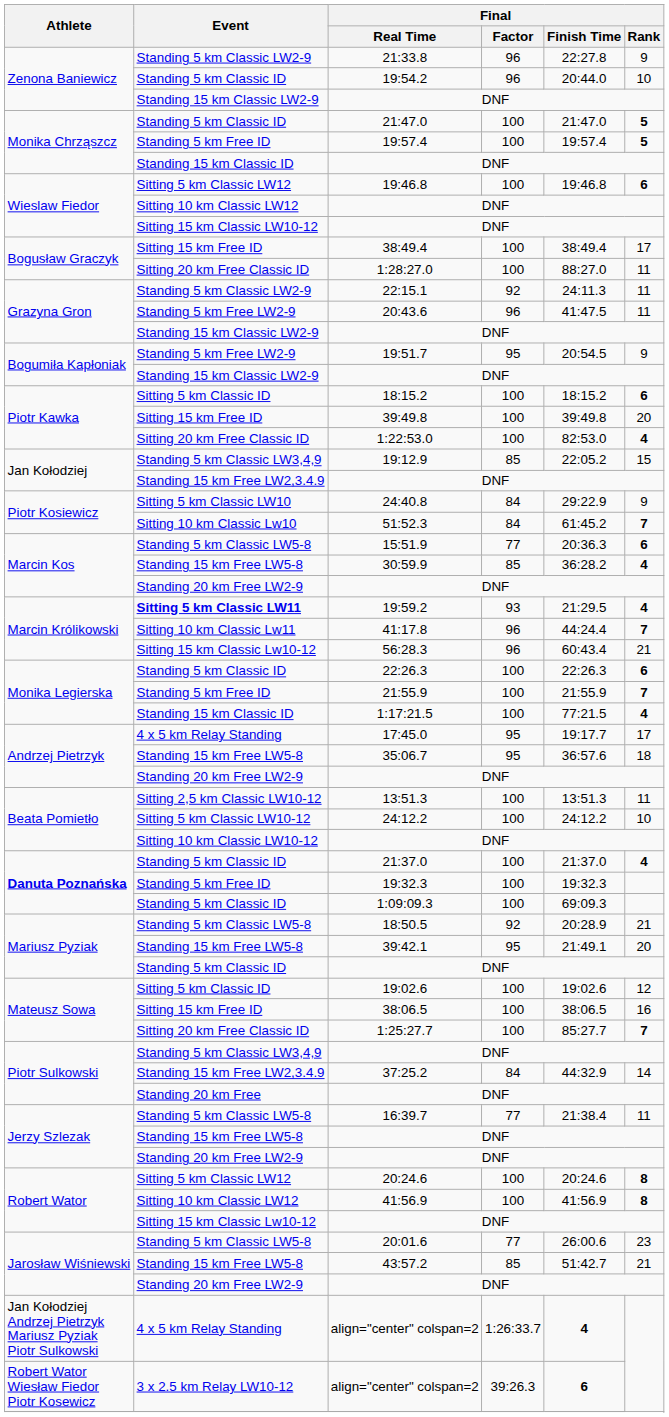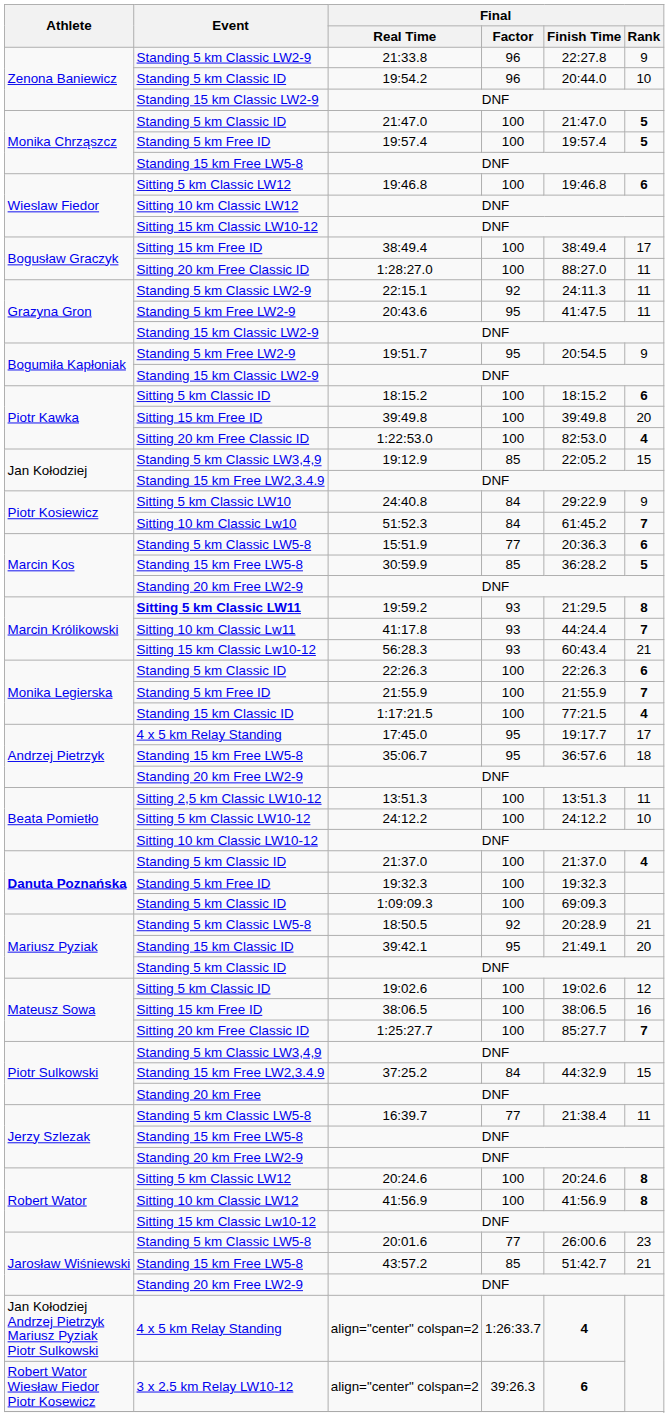 <table class="wikitable" style="font-size:90%">
 <tr>
 <th rowspan="2">Athlete</th>
 <th rowspan="2">Event</th>
 <th colspan="4">Final</th>
 </tr>
 <tr>
 <th>Real Time</th>
 <th>Factor</th>
 <th>Finish Time</th>
 <th>Rank</th>
 </tr>
 <tr>
 <td rowspan=3><a href='#'>Zenona Baniewicz</a></td>
 <td rowspan=1><a href='#'>Standing 5 km Classic LW2-9</a></td>
 <td align="center">21:33.8</td>
 <td align="center">96</td>
 <td align="center">22:27.8</td>
 <td align="center">9</td>
 </tr>
 <tr>
 <td rowspan=1><a href='#'>Standing 5 km Classic ID</a></td>
 <td align="center">19:54.2</td>
 <td align="center">96</td>
 <td align="center">20:44.0</td>
 <td align="center">10</td>
 </tr>
 <tr>
 <td rowspan=1><a href='#'>Standing 15 km Classic LW2-9</a></td>
 <td align="center" colspan=4>DNF</td>
 </tr>
 <tr>
 <td rowspan=3><a href='#'>Monika Chrząszcz</a></td>
 <td rowspan=1><a href='#'>Standing 5 km Classic ID</a></td>
 <td align="center">21:47.0</td>
 <td align="center">100</td>
 <td align="center">21:47.0</td>
 <td align="center"><strong>5</strong></td>
 </tr>
 <tr>
 <td rowspan=1><a href='#'>Standing 5 km Free ID</a></td>
 <td align="center">19:57.4</td>
 <td align="center">100</td>
 <td align="center">19:57.4</td>
 <td align="center"><strong>5</strong></td>
 </tr>
 <tr>
-<td rowspan=1><a href='#'>Standing 15 km Classic ID</a></td>
+<td rowspan=1><a href='#'>Standing 15 km Free LW5-8</a></td>
 <td align="center" colspan=4>DNF</td>
 </tr>
 <tr>
 <td rowspan=3><a href='#'>Wieslaw Fiedor</a></td>
 <td rowspan=1><a href='#'>Sitting 5 km Classic LW12</a></td>
 <td align="center">19:46.8</td>
 <td align="center">100</td>
 <td align="center">19:46.8</td>
 <td align="center"><strong>6</strong></td>
 </tr>
 <tr>
 <td rowspan=1><a href='#'>Sitting 10 km Classic LW12</a></td>
 <td align="center" colspan=4>DNF</td>
 </tr>
 <tr>
 <td rowspan=1><a href='#'>Sitting 15 km Classic LW10-12</a></td>
 <td align="center" colspan=4>DNF</td>
 </tr>
 <tr>
 <td rowspan=2><a href='#'>Bogusław Graczyk</a></td>
 <td rowspan=1><a href='#'>Sitting 15 km Free ID</a></td>
 <td align="center">38:49.4</td>
 <td align="center">100</td>
 <td align="center">38:49.4</td>
 <td align="center">17</td>
 </tr>
 <tr>
 <td rowspan=1><a href='#'>Sitting 20 km Free Classic ID</a></td>
 <td align="center">1:28:27.0</td>
 <td align="center">100</td>
 <td align="center">88:27.0</td>
 <td align="center">11</td>
 </tr>
 <tr>
 <td rowspan=3><a href='#'>Grazyna Gron</a></td>
 <td rowspan=1><a href='#'>Standing 5 km Classic LW2-9</a></td>
 <td align="center">22:15.1</td>
 <td align="center">92</td>
 <td align="center">24:11.3</td>
 <td align="center">11</td>
 </tr>
 <tr>
 <td rowspan=1><a href='#'>Standing 5 km Free LW2-9</a></td>
 <td align="center">20:43.6</td>
-<td align="center">96</td>
+<td align="center">95</td>
 <td align="center">41:47.5</td>
 <td align="center">11</td>
 </tr>
 <tr>
 <td rowspan=1><a href='#'>Standing 15 km Classic LW2-9</a></td>
 <td align="center" colspan=4>DNF</td>
 </tr>
 <tr>
 <td rowspan=2><a href='#'>Bogumiła Kapłoniak</a></td>
 <td rowspan=1><a href='#'>Standing 5 km Free LW2-9</a></td>
 <td align="center">19:51.7</td>
 <td align="center">95</td>
 <td align="center">20:54.5</td>
 <td align="center">9</td>
 </tr>
 <tr>
 <td rowspan=1><a href='#'>Standing 15 km Classic LW2-9</a></td>
 <td align="center" colspan=4>DNF</td>
 </tr>
 <tr>
 <td rowspan=3><a href='#'>Piotr Kawka</a></td>
 <td rowspan=1><a href='#'>Sitting 5 km Classic ID</a></td>
 <td align="center">18:15.2</td>
 <td align="center">100</td>
 <td align="center">18:15.2</td>
 <td align="center"><strong>6</strong></td>
 </tr>
 <tr>
 <td rowspan=1><a href='#'>Sitting 15 km Free ID</a></td>
 <td align="center">39:49.8</td>
 <td align="center">100</td>
 <td align="center">39:49.8</td>
 <td align="center">20</td>
 </tr>
 <tr>
 <td rowspan=1><a href='#'>Sitting 20 km Free Classic ID</a></td>
 <td align="center">1:22:53.0</td>
 <td align="center">100</td>
 <td align="center">82:53.0</td>
 <td align="center"><strong>4</strong></td>
 </tr>
 <tr>
 <td rowspan=2>Jan Kołodziej</td>
 <td rowspan=1><a href='#'>Standing 5 km Classic LW3,4,9</a></td>
 <td align="center">19:12.9</td>
 <td align="center">85</td>
 <td align="center">22:05.2</td>
 <td align="center">15</td>
 </tr>
 <tr>
 <td rowspan=1><a href='#'>Standing 15 km Free LW2,3.4.9</a></td>
 <td align="center" colspan=4>DNF</td>
 </tr>
 <tr>
 <td rowspan=2><a href='#'>Piotr Kosiewicz</a></td>
 <td rowspan=1><a href='#'>Sitting 5 km Classic LW10</a></td>
 <td align="center">24:40.8</td>
 <td align="center">84</td>
 <td align="center">29:22.9</td>
 <td align="center">9</td>
 </tr>
 <tr>
 <td rowspan=1><a href='#'>Sitting 10 km Classic Lw10</a></td>
 <td align="center">51:52.3</td>
 <td align="center">84</td>
 <td align="center">61:45.2</td>
 <td align="center"><strong>7</strong></td>
 </tr>
 <tr>
 <td rowspan=3><a href='#'>Marcin Kos</a></td>
 <td rowspan=1><a href='#'>Standing 5 km Classic LW5-8</a></td>
 <td align="center">15:51.9</td>
 <td align="center">77</td>
 <td align="center">20:36.3</td>
 <td align="center"><strong>6</strong></td>
 </tr>
 <tr>
 <td rowspan=1><a href='#'>Standing 15 km Free LW5-8</a></td>
 <td align="center">30:59.9</td>
 <td align="center">85</td>
 <td align="center">36:28.2</td>
-<td align="center"><strong>4</strong></td>
+<td align="center"><strong>5</strong></td>
 </tr>
 <tr>
 <td rowspan=1><a href='#'>Standing 20 km Free LW2-9</a></td>
 <td align="center" colspan=4>DNF</td>
 </tr>
 <tr>
 <td rowspan=3><a href='#'>Marcin Królikowski</a></td>
 <td rowspan=1><strong><a href='#'>Sitting 5 km Classic LW11</a></strong></td>
 <td align="center">19:59.2</td>
 <td align="center">93</td>
 <td align="center">21:29.5</td>
-<td align="center"><strong>4</strong></td>
+<td align="center"><strong>8</strong></td>
 </tr>
 <tr>
 <td rowspan=1><a href='#'>Sitting 10 km Classic Lw11</a></td>
 <td align="center">41:17.8</td>
-<td align="center">96</td>
+<td align="center">93</td>
 <td align="center">44:24.4</td>
 <td align="center"><strong>7</strong></td>
 </tr>
 <tr>
 <td rowspan=1><a href='#'>Sitting 15 km Classic Lw10-12</a></td>
 <td align="center">56:28.3</td>
-<td align="center">96</td>
+<td align="center">93</td>
 <td align="center">60:43.4</td>
 <td align="center">21</td>
 </tr>
 <tr>
 <td rowspan=3><a href='#'>Monika Legierska</a></td>
 <td rowspan=1><a href='#'>Standing 5 km Classic ID</a></td>
 <td align="center">22:26.3</td>
 <td align="center">100</td>
 <td align="center">22:26.3</td>
 <td align="center"><strong>6</strong></td>
 </tr>
 <tr>
 <td rowspan=1><a href='#'>Standing 5 km Free ID</a></td>
 <td align="center">21:55.9</td>
 <td align="center">100</td>
 <td align="center">21:55.9</td>
 <td align="center"><strong>7</strong></td>
 </tr>
 <tr>
 <td rowspan=1><a href='#'>Standing 15 km Classic ID</a></td>
 <td align="center">1:17:21.5</td>
 <td align="center">100</td>
 <td align="center">77:21.5</td>
 <td align="center"><strong>4</strong></td>
 </tr>
 <tr>
 <td rowspan=3><a href='#'>Andrzej Pietrzyk</a></td>
 <td rowspan=1><a href='#'>4 x 5 km Relay Standing</a></td>
 <td align="center">17:45.0</td>
 <td align="center">95</td>
 <td align="center">19:17.7</td>
 <td align="center">17</td>
 </tr>
 <tr>
 <td rowspan=1><a href='#'>Standing 15 km Free LW5-8</a></td>
 <td align="center">35:06.7</td>
 <td align="center">95</td>
 <td align="center">36:57.6</td>
 <td align="center">18</td>
 </tr>
 <tr>
 <td rowspan=1><a href='#'>Standing 20 km Free LW2-9</a></td>
 <td align="center" colspan=4>DNF</td>
 </tr>
 <tr>
 <td rowspan=3><a href='#'>Beata Pomietło</a></td>
 <td rowspan=1><a href='#'>Sitting 2,5 km Classic LW10-12</a></td>
 <td align="center">13:51.3</td>
 <td align="center">100</td>
 <td align="center">13:51.3</td>
 <td align="center">11</td>
 </tr>
 <tr>
 <td rowspan=1><a href='#'>Sitting 5 km Classic LW10-12</a></td>
 <td align="center">24:12.2</td>
 <td align="center">100</td>
 <td align="center">24:12.2</td>
 <td align="center">10</td>
 </tr>
 <tr>
 <td rowspan=1><a href='#'>Sitting 10 km Classic LW10-12</a></td>
 <td align="center" colspan=4>DNF</td>
 </tr>
 <tr>
 <td rowspan=3><strong><a href='#'>Danuta Poznańska</a></strong></td>
 <td rowspan=1><a href='#'>Standing 5 km Classic ID</a></td>
 <td align="center">21:37.0</td>
 <td align="center">100</td>
 <td align="center">21:37.0</td>
 <td align="center"><strong>4</strong></td>
 </tr>
 <tr>
 <td rowspan=1><a href='#'>Standing 5 km Free ID</a></td>
 <td align="center">19:32.3</td>
 <td align="center">100</td>
 <td align="center">19:32.3</td>
 <td align="center"></td>
 </tr>
 <tr>
 <td rowspan=1><a href='#'>Standing 5 km Classic ID</a></td>
 <td align="center">1:09:09.3</td>
 <td align="center">100</td>
 <td align="center">69:09.3</td>
 <td align="center"></td>
 </tr>
 <tr>
 <td rowspan=3><a href='#'>Mariusz Pyziak</a></td>
 <td rowspan=1><a href='#'>Standing 5 km Classic LW5-8</a></td>
 <td align="center">18:50.5</td>
 <td align="center">92</td>
 <td align="center">20:28.9</td>
 <td align="center">21</td>
 </tr>
 <tr>
-<td rowspan=1><a href='#'>Standing 15 km Free LW5-8</a></td>
+<td rowspan=1><a href='#'>Standing 15 km Classic ID</a></td>
 <td align="center">39:42.1</td>
 <td align="center">95</td>
 <td align="center">21:49.1</td>
 <td align="center">20</td>
 </tr>
 <tr>
 <td rowspan=1><a href='#'>Standing 5 km Classic ID</a></td>
 <td align="center" colspan=4>DNF</td>
 </tr>
 <tr>
 <td rowspan=3><a href='#'>Mateusz Sowa</a></td>
 <td rowspan=1><a href='#'>Sitting 5 km Classic ID</a></td>
 <td align="center">19:02.6</td>
 <td align="center">100</td>
 <td align="center">19:02.6</td>
 <td align="center">12</td>
 </tr>
 <tr>
 <td rowspan=1><a href='#'>Sitting 15 km Free ID</a></td>
 <td align="center">38:06.5</td>
 <td align="center">100</td>
 <td align="center">38:06.5</td>
 <td align="center">16</td>
 </tr>
 <tr>
 <td rowspan=1><a href='#'>Sitting 20 km Free Classic ID</a></td>
 <td align="center">1:25:27.7</td>
 <td align="center">100</td>
 <td align="center">85:27.7</td>
 <td align="center"><strong>7</strong></td>
 </tr>
 <tr>
 <td rowspan=3><a href='#'>Piotr Sulkowski</a></td>
 <td rowspan=1><a href='#'>Standing 5 km Classic LW3,4,9</a></td>
 <td align="center" colspan=4>DNF</td>
 </tr>
 <tr>
 <td rowspan=1><a href='#'>Standing 15 km Free LW2,3.4.9</a></td>
 <td align="center">37:25.2</td>
 <td align="center">84</td>
 <td align="center">44:32.9</td>
-<td align="center">14</td>
+<td align="center">15</td>
 </tr>
 <tr>
 <td rowspan=1><a href='#'>Standing 20 km Free</a></td>
 <td align="center" colspan=4>DNF</td>
 </tr>
 <tr>
 <td rowspan=3><a href='#'>Jerzy Szlezak</a></td>
 <td rowspan=1><a href='#'>Standing 5 km Classic LW5-8</a></td>
 <td align="center">16:39.7</td>
 <td align="center">77</td>
 <td align="center">21:38.4</td>
 <td align="center">11</td>
 </tr>
 <tr>
 <td rowspan=1><a href='#'>Standing 15 km Free LW5-8</a></td>
 <td align="center" colspan=4>DNF</td>
 </tr>
 <tr>
 <td rowspan=1><a href='#'>Standing 20 km Free LW2-9</a></td>
 <td align="center" colspan=4>DNF</td>
 </tr>
 <tr>
 <td rowspan=3><a href='#'>Robert Wator</a></td>
 <td rowspan=1><a href='#'>Sitting 5 km Classic LW12</a></td>
 <td align="center">20:24.6</td>
 <td align="center">100</td>
 <td align="center">20:24.6</td>
 <td align="center"><strong>8</strong></td>
 </tr>
 <tr>
 <td rowspan=1><a href='#'>Sitting 10 km Classic LW12</a></td>
 <td align="center">41:56.9</td>
 <td align="center">100</td>
 <td align="center">41:56.9</td>
 <td align="center"><strong>8</strong></td>
 </tr>
 <tr>
 <td rowspan=1><a href='#'>Sitting 15 km Classic Lw10-12</a></td>
 <td align="center" colspan=4>DNF</td>
 </tr>
 <tr>
 <td rowspan=3><a href='#'>Jarosław Wiśniewski</a></td>
 <td rowspan=1><a href='#'>Standing 5 km Classic LW5-8</a></td>
 <td align="center">20:01.6</td>
 <td align="center">77</td>
 <td align="center">26:00.6</td>
 <td align="center">23</td>
 </tr>
 <tr>
 <td rowspan=1><a href='#'>Standing 15 km Free LW5-8</a></td>
 <td align="center">43:57.2</td>
 <td align="center">85</td>
 <td align="center">51:42.7</td>
 <td align="center">21</td>
 </tr>
 <tr>
 <td rowspan=1><a href='#'>Standing 20 km Free LW2-9</a></td>
 <td align="center" colspan=4>DNF</td>
 </tr>
 <tr>
 <td rowspan=1>Jan Kołodziej<br><a href='#'>Andrzej Pietrzyk</a><br><a href='#'>Mariusz Pyziak</a><br><a href='#'>Piotr Sulkowski</a></td>
 <td rowspan=1><a href='#'>4 x 5 km Relay Standing</a></td>
 <td>align="center" colspan=2 </td>
 <td align="center">1:26:33.7</td>
 <td align="center"><strong>4</strong></td>
 </tr>
 <tr>
 <td rowspan=1><a href='#'>Robert Wator</a><br><a href='#'>Wiesław Fiedor</a><br><a href='#'>Piotr Kosewicz</a></td>
 <td rowspan=1><a href='#'>3 x 2.5 km Relay LW10-12</a></td>
 <td>align="center" colspan=2 </td>
 <td align="center">39:26.3</td>
 <td align="center"><strong>6</strong></td>
 </tr>
 <tr>
 </tr>
 </table>
